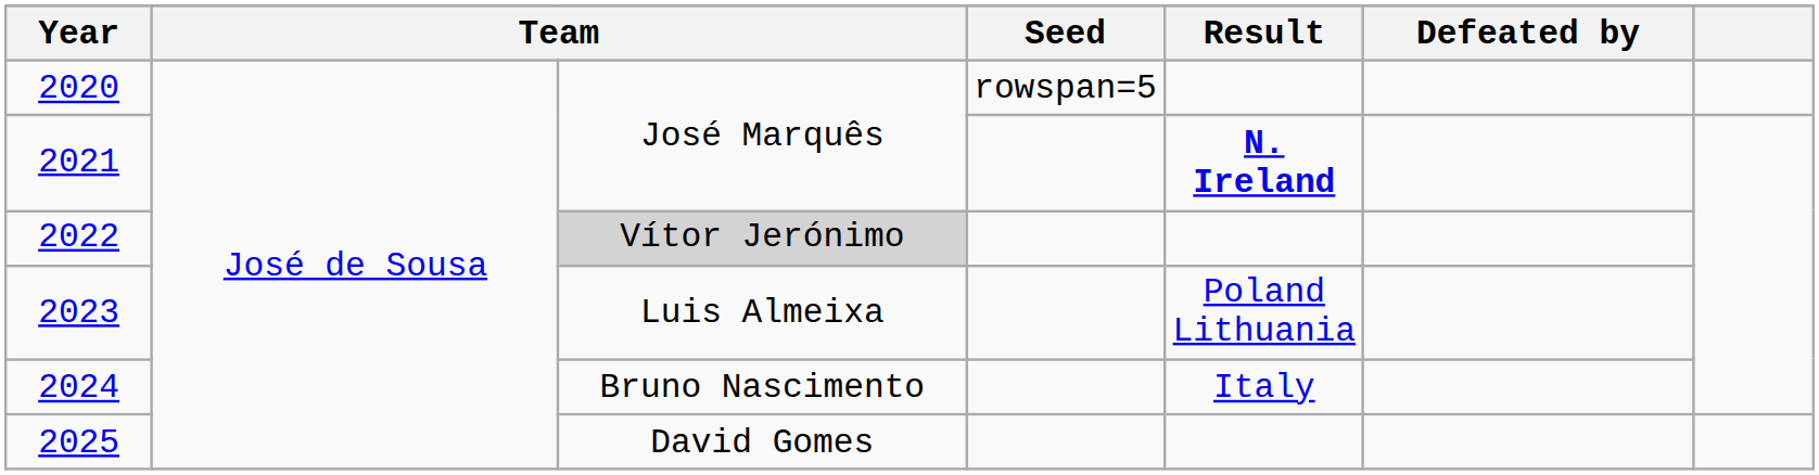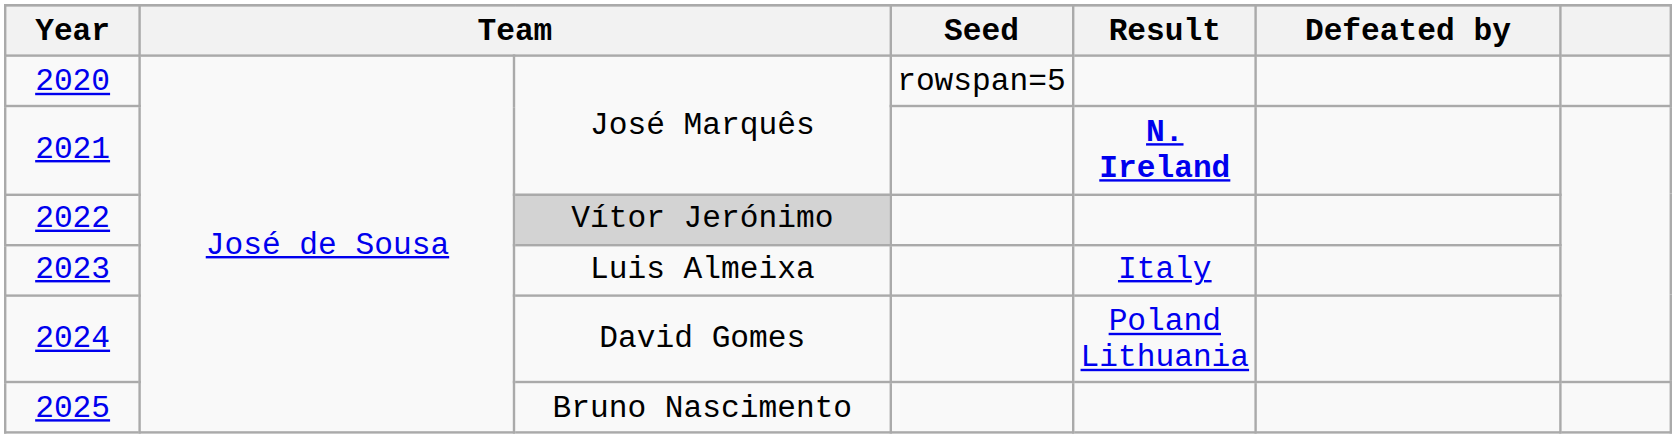 <table class="wikitable" style="text-align: center;">
 <tr style= "background: #e2e2e2;">
 </tr>
 <tr style="background: #efefef;">
 <th width=50px>Year</th>
 <th colspan="2">Team</th>
 <th width=50px>Seed</th>
 <th width=50px>Result</th>
 <th width=120px>Defeated by</th>
 <th width=40px></th>
 </tr>
 <tr>
 <td><a href='#'>2020</a></td>
 <td rowspan=6 width=150px><a href='#'>José de Sousa</a></td>
 <td rowspan=2 width=150px>José Marquês</td>
 <td>rowspan=5 </td>
 <td></td>
 <td> </td>
 <td></td>
 </tr>
 <tr>
 <td><a href='#'>2021</a></td>
 <td></td>
 <td><strong> <a href='#'>N. Ireland</a></strong></td>
 <td></td>
 </tr>
 <tr>
 <td><a href='#'>2022</a></td>
 <td style="background: lightgrey;">Vítor Jerónimo</td>
 <td></td>
 <td> </td>
 <td></td>
 </tr>
 <tr>
 <td><a href='#'>2023</a></td>
 <td>Luis Almeixa</td>
 <td></td>
+<td> <a href='#'>Italy</a></td>
+<td></td>
+</tr>
+<tr>
+<td><a href='#'>2024</a></td>
+<td>David Gomes</td>
+<td></td>
 <td> <a href='#'>Poland</a><br> <a href='#'>Lithuania</a></td>
 <td></td>
 </tr>
 <tr>
-<td><a href='#'>2024</a></td>
+<td><a href='#'>2025</a></td>
 <td>Bruno Nascimento</td>
-<td></td>
-<td> <a href='#'>Italy</a></td>
-<td></td>
-</tr>
-<tr>
-<td><a href='#'>2025</a></td>
-<td>David Gomes</td>
 <td></td>
 <td></td>
 <td></td>
 <td></td>
 </tr>
 </table>
